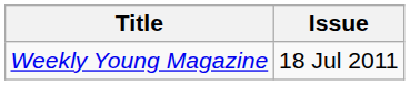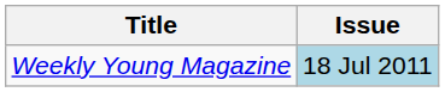 <table class="wikitable">
 <tr>
 <th>Title</th>
 <th>Issue</th>
 </tr>
 <tr>
 <td><em><a href='#'>Weekly Young Magazine</a></em></td>
-<td>18 Jul 2011</td>
+<td style="background: lightblue;">18 Jul 2011</td>
 </tr>
 </table>
